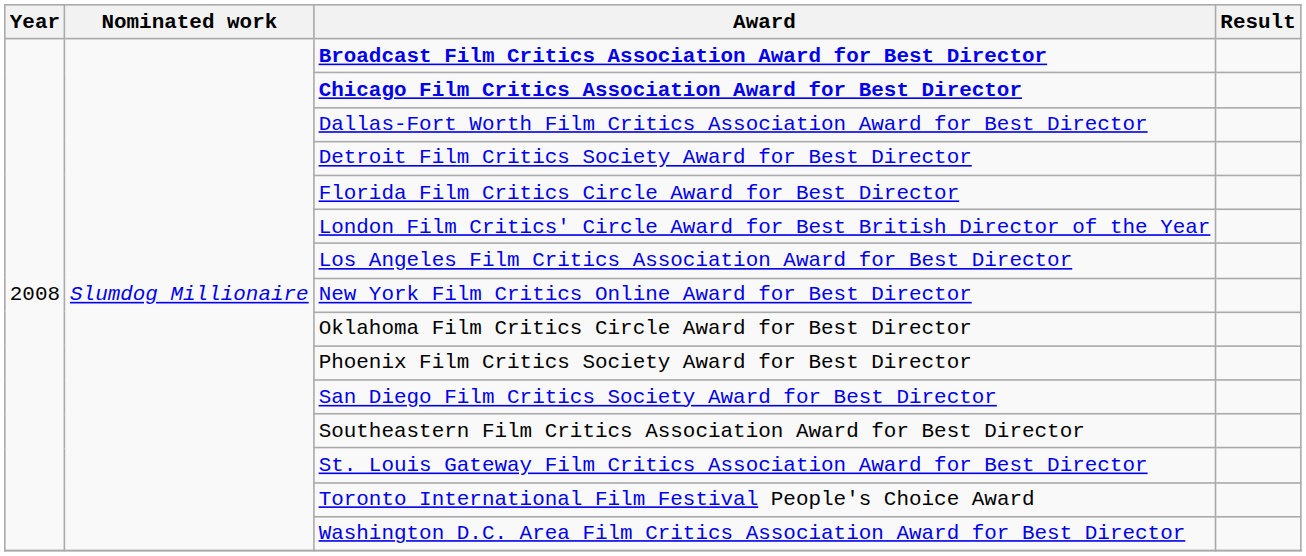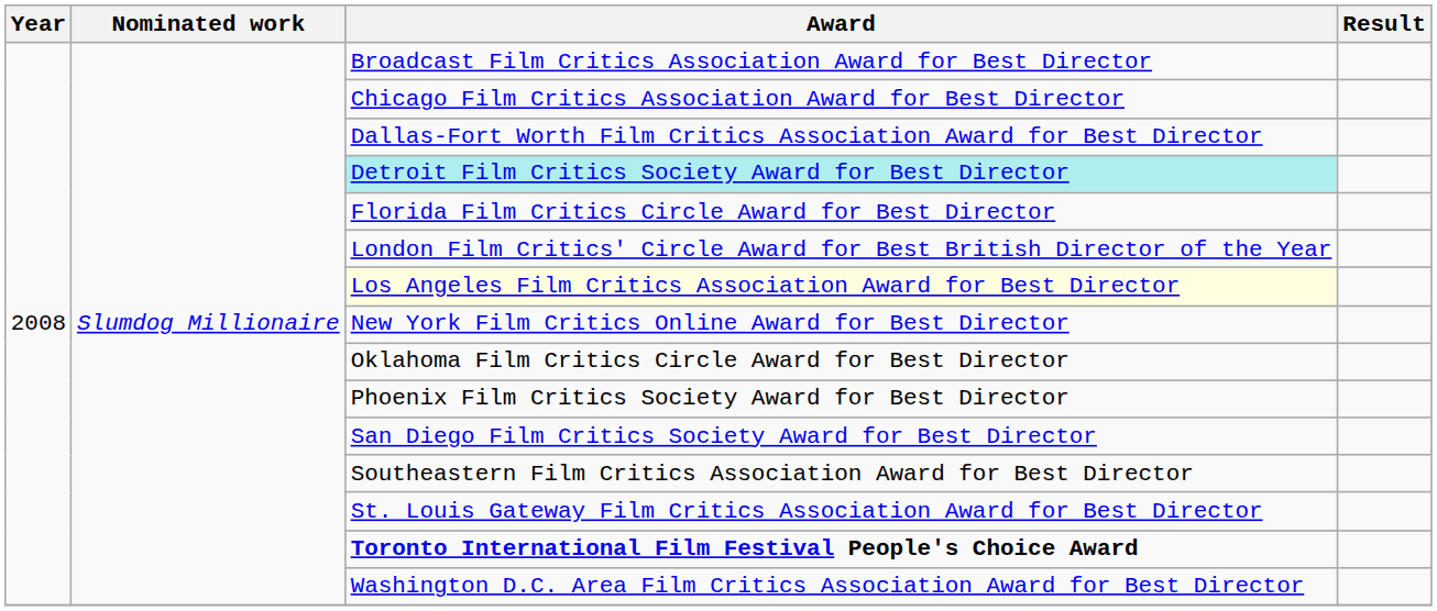 <table class="wikitable sortable">
 <tr>
 <th>Year</th>
 <th>Nominated work</th>
 <th>Award</th>
 <th>Result</th>
 </tr>
 <tr>
 <td rowspan=15>2008</td>
 <td rowspan=15><em><a href='#'>Slumdog Millionaire</a></em></td>
-<td><strong><a href='#'>Broadcast Film Critics Association Award for Best Director</a></strong></td>
+<td><a href='#'>Broadcast Film Critics Association Award for Best Director</a></td>
 <td></td>
 </tr>
 <tr>
-<td><strong><a href='#'>Chicago Film Critics Association Award for Best Director</a></strong></td>
+<td><a href='#'>Chicago Film Critics Association Award for Best Director</a></td>
 <td></td>
 </tr>
 <tr>
 <td><a href='#'>Dallas-Fort Worth Film Critics Association Award for Best Director</a></td>
 <td></td>
 </tr>
 <tr>
-<td><a href='#'>Detroit Film Critics Society Award for Best Director</a></td>
+<td style="background: paleturquoise;"><a href='#'>Detroit Film Critics Society Award for Best Director</a></td>
 <td></td>
 </tr>
 <tr>
 <td><a href='#'>Florida Film Critics Circle Award for Best Director</a></td>
 <td></td>
 </tr>
 <tr>
 <td><a href='#'>London Film Critics' Circle Award for Best British Director of the Year</a></td>
 <td></td>
 </tr>
 <tr>
-<td><a href='#'>Los Angeles Film Critics Association Award for Best Director</a></td>
+<td style="background: lightyellow;"><a href='#'>Los Angeles Film Critics Association Award for Best Director</a></td>
 <td></td>
 </tr>
 <tr>
 <td><a href='#'>New York Film Critics Online Award for Best Director</a></td>
 <td></td>
 </tr>
 <tr>
 <td>Oklahoma Film Critics Circle Award for Best Director</td>
 <td></td>
 </tr>
 <tr>
 <td>Phoenix Film Critics Society Award for Best Director</td>
 <td></td>
 </tr>
 <tr>
 <td><a href='#'>San Diego Film Critics Society Award for Best Director</a></td>
 <td></td>
 </tr>
 <tr>
 <td>Southeastern Film Critics Association Award for Best Director</td>
 <td></td>
 </tr>
 <tr>
 <td><a href='#'>St. Louis Gateway Film Critics Association Award for Best Director</a></td>
 <td></td>
 </tr>
 <tr>
-<td><a href='#'>Toronto International Film Festival</a> People's Choice Award</td>
+<td><strong><a href='#'>Toronto International Film Festival</a> People's Choice Award</strong></td>
 <td></td>
 </tr>
 <tr>
 <td><a href='#'>Washington D.C. Area Film Critics Association Award for Best Director</a></td>
 <td></td>
 </tr>
 <tr>
 </tr>
 </table>
